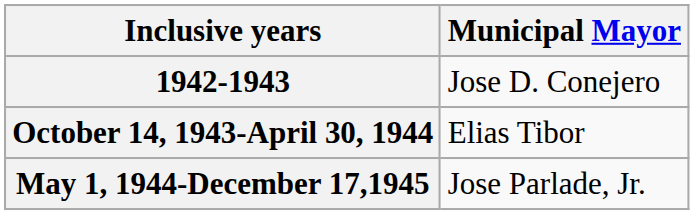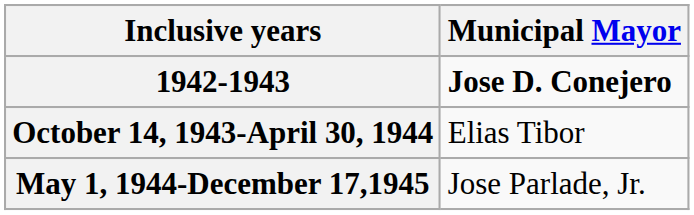 <table class="wikitable collapsible autocollapse" style="font-size:95%">
 <tr>
 <th scope="col">Inclusive years</th>
 <th scope="col">Municipal <a href='#'>Mayor</a></th>
 </tr>
 <tr>
 <th scope="row">1942-1943</th>
-<td>Jose D. Conejero </td>
+<td><strong>Jose D. Conejero </strong></td>
 </tr>
 <tr>
 <th scope="row">October 14, 1943-April 30, 1944</th>
 <td>Elias Tibor </td>
 </tr>
 <tr>
 <th scope="row">May 1, 1944-December 17,1945</th>
 <td>Jose Parlade, Jr. </td>
 </tr>
 </table>
